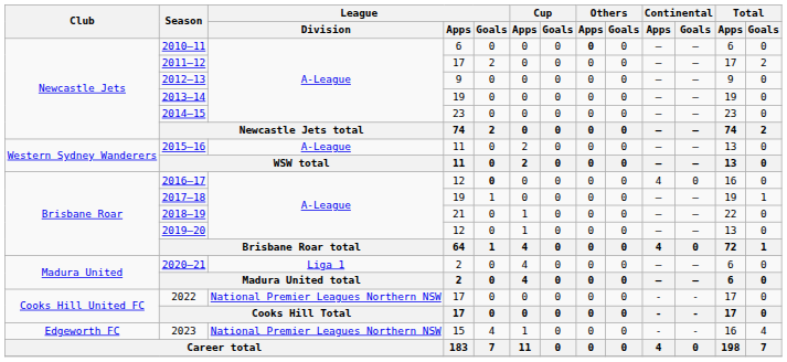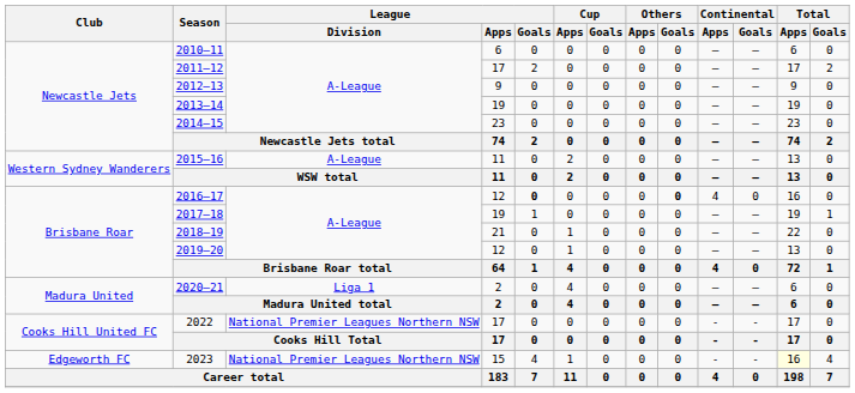 <table class="wikitable" style="text-align: center; font-size:95%;">
 <tr>
 <th rowspan="2">Club</th>
 <th rowspan="2">Season</th>
 <th colspan="3">League</th>
 <th colspan="2">Cup</th>
 <th colspan="2">Others</th>
 <th colspan="2">Continental</th>
 <th colspan="2">Total</th>
 </tr>
 <tr>
 <th>Division</th>
 <th>Apps</th>
 <th>Goals</th>
 <th>Apps</th>
 <th>Goals</th>
 <th>Apps</th>
 <th>Goals</th>
 <th>Apps</th>
 <th>Goals</th>
 <th>Apps</th>
 <th>Goals</th>
 </tr>
 <tr>
 <td rowspan="6"><a href='#'>Newcastle Jets</a></td>
 <td><a href='#'>2010–11</a></td>
 <td rowspan="5"><a href='#'>A-League</a></td>
 <td>6</td>
 <td>0</td>
 <td>0</td>
 <td>0</td>
-<td><strong>0</strong></td>
+<td>0</td>
 <td>0</td>
 <td>—</td>
 <td>—</td>
 <td>6</td>
 <td>0</td>
 </tr>
 <tr>
 <td><a href='#'>2011–12</a></td>
 <td>17</td>
 <td>2</td>
 <td>0</td>
 <td>0</td>
 <td>0</td>
 <td>0</td>
 <td>—</td>
 <td>—</td>
 <td>17</td>
 <td>2</td>
 </tr>
 <tr>
 <td><a href='#'>2012–13</a></td>
 <td>9</td>
 <td>0</td>
 <td>0</td>
 <td>0</td>
 <td>0</td>
 <td>0</td>
 <td>—</td>
 <td>—</td>
 <td>9</td>
 <td>0</td>
 </tr>
 <tr>
 <td><a href='#'>2013–14</a></td>
 <td>19</td>
 <td>0</td>
 <td>0</td>
 <td>0</td>
 <td>0</td>
 <td>0</td>
 <td>—</td>
 <td>—</td>
 <td>19</td>
 <td>0</td>
 </tr>
 <tr>
 <td><a href='#'>2014–15</a></td>
 <td>23</td>
 <td>0</td>
 <td>0</td>
 <td>0</td>
 <td>0</td>
 <td>0</td>
 <td>—</td>
 <td>—</td>
 <td>23</td>
 <td>0</td>
 </tr>
 <tr>
 <th colspan="2">Newcastle Jets total</th>
 <th>74</th>
 <th>2</th>
 <th>0</th>
 <th>0</th>
 <th>0</th>
 <th>0</th>
 <th>—</th>
 <th>—</th>
 <th>74</th>
 <th>2</th>
 </tr>
 <tr>
 <td rowspan="2"><a href='#'>Western Sydney Wanderers</a></td>
 <td><a href='#'>2015–16</a></td>
 <td><a href='#'>A-League</a></td>
 <td>11</td>
 <td>0</td>
 <td>2</td>
 <td>0</td>
 <td>0</td>
 <td>0</td>
 <td>—</td>
 <td>—</td>
 <td>13</td>
 <td>0</td>
 </tr>
 <tr>
 <th colspan="2">WSW total</th>
 <th>11</th>
 <th>0</th>
 <th>2</th>
 <th>0</th>
 <th>0</th>
 <th>0</th>
 <th>—</th>
 <th>—</th>
 <th>13</th>
 <th>0</th>
 </tr>
 <tr>
 <td rowspan="5"><a href='#'>Brisbane Roar</a></td>
 <td><a href='#'>2016–17</a></td>
 <td rowspan="4"><a href='#'>A-League</a></td>
 <td>12</td>
 <td><strong>0</strong></td>
 <td>0</td>
 <td>0</td>
 <td>0</td>
-<td>0</td>
+<td><strong>0</strong></td>
 <td>4</td>
 <td>0</td>
 <td>16</td>
 <td>0</td>
 </tr>
 <tr>
 <td><a href='#'>2017–18</a></td>
 <td>19</td>
 <td>1</td>
 <td>0</td>
 <td>0</td>
 <td>0</td>
 <td>0</td>
 <td>—</td>
 <td>—</td>
 <td>19</td>
 <td>1</td>
 </tr>
 <tr>
 <td><a href='#'>2018–19</a></td>
 <td>21</td>
 <td>0</td>
 <td>1</td>
 <td>0</td>
 <td>0</td>
 <td>0</td>
 <td>—</td>
 <td>—</td>
 <td>22</td>
 <td>0</td>
 </tr>
 <tr>
 <td><a href='#'>2019–20</a></td>
 <td>12</td>
 <td>0</td>
 <td>1</td>
 <td>0</td>
 <td>0</td>
 <td>0</td>
 <td>—</td>
 <td>—</td>
 <td>13</td>
 <td>0</td>
 </tr>
 <tr>
 <th colspan="2">Brisbane Roar total</th>
 <th>64</th>
 <th>1</th>
 <th>4</th>
 <th>0</th>
 <th>0</th>
 <th>0</th>
 <th>4</th>
 <th>0</th>
 <th>72</th>
 <th>1</th>
 </tr>
 <tr>
 <td rowspan="2"><a href='#'>Madura United</a></td>
 <td><a href='#'>2020–21</a></td>
 <td><a href='#'>Liga 1</a></td>
 <td>2</td>
 <td>0</td>
 <td>4</td>
 <td>0</td>
 <td>0</td>
 <td>0</td>
 <td>—</td>
 <td>—</td>
 <td>6</td>
 <td>0</td>
 </tr>
 <tr>
 <th colspan="2">Madura United total</th>
 <th>2</th>
 <th>0</th>
 <th>4</th>
 <th>0</th>
 <th>0</th>
 <th>0</th>
 <th>—</th>
 <th>—</th>
 <th>6</th>
 <th>0</th>
 </tr>
 <tr>
 <td rowspan="2"><a href='#'>Cooks Hill United FC</a></td>
 <td>2022</td>
 <td><a href='#'>National Premier Leagues Northern NSW</a></td>
 <td>17</td>
 <td>0</td>
 <td>0</td>
 <td>0</td>
 <td>0</td>
 <td>0</td>
 <td>-</td>
 <td>-</td>
 <td>17</td>
 <td>0</td>
 </tr>
 <tr>
 <th colspan="2">Cooks Hill Total</th>
 <th>17</th>
 <th>0</th>
 <th>0</th>
 <th>0</th>
 <th>0</th>
 <th>0</th>
 <th>-</th>
 <th>-</th>
 <th>17</th>
 <th>0</th>
 </tr>
 <tr>
 <td><a href='#'>Edgeworth FC</a></td>
 <td>2023</td>
 <td><a href='#'>National Premier Leagues Northern NSW</a></td>
 <td>15</td>
 <td>4</td>
 <td>1</td>
 <td>0</td>
 <td>0</td>
 <td>0</td>
 <td>-</td>
 <td>-</td>
-<td>16</td>
+<td style="background: lightyellow;">16</td>
 <td>4</td>
 </tr>
 <tr>
 <th colspan="3">Career total</th>
 <th>183</th>
 <th>7</th>
 <th>11</th>
 <th>0</th>
 <th>0</th>
 <th>0</th>
 <th>4</th>
 <th>0</th>
 <th>198</th>
 <th>7</th>
 </tr>
 <tr>
 </tr>
 </table>
